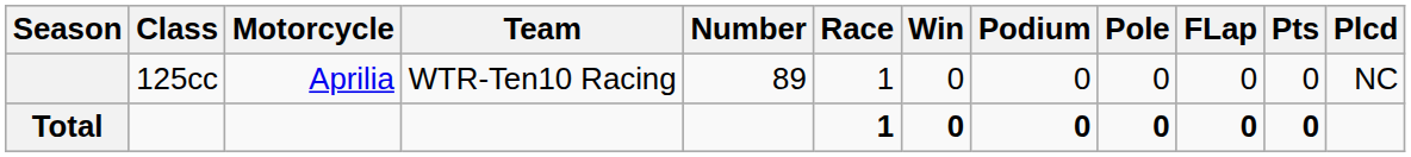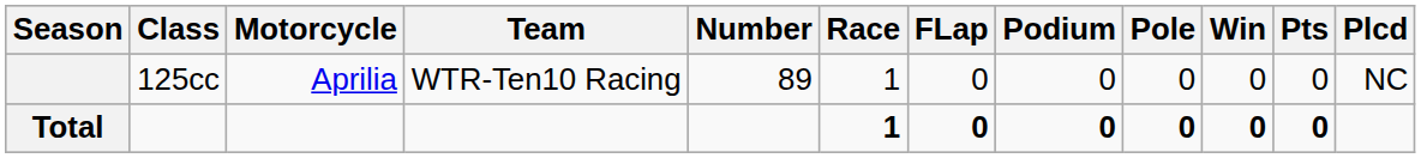 <table class="wikitable">
 <tr>
 <th>Season</th>
 <th>Class</th>
 <th>Motorcycle</th>
 <th>Team</th>
 <th>Number</th>
 <th>Race</th>
-<th>Win</th>
+<th>FLap</th>
 <th>Podium</th>
 <th>Pole</th>
-<th>FLap</th>
+<th>Win</th>
 <th>Pts</th>
 <th>Plcd</th>
 </tr>
 <tr align="right">
 <th></th>
 <td>125cc</td>
 <td><a href='#'>Aprilia</a></td>
 <td>WTR-Ten10 Racing</td>
 <td>89</td>
 <td>1</td>
 <td>0</td>
 <td>0</td>
 <td>0</td>
 <td>0</td>
 <td>0</td>
 <td>NC</td>
 </tr>
 <tr align="right">
 <th>Total</th>
 <td></td>
 <td></td>
 <td></td>
 <td></td>
 <td><strong>1</strong></td>
 <td><strong>0</strong></td>
 <td><strong>0</strong></td>
 <td><strong>0</strong></td>
 <td><strong>0</strong></td>
 <td><strong>0</strong></td>
 <td></td>
 </tr>
 </table>
